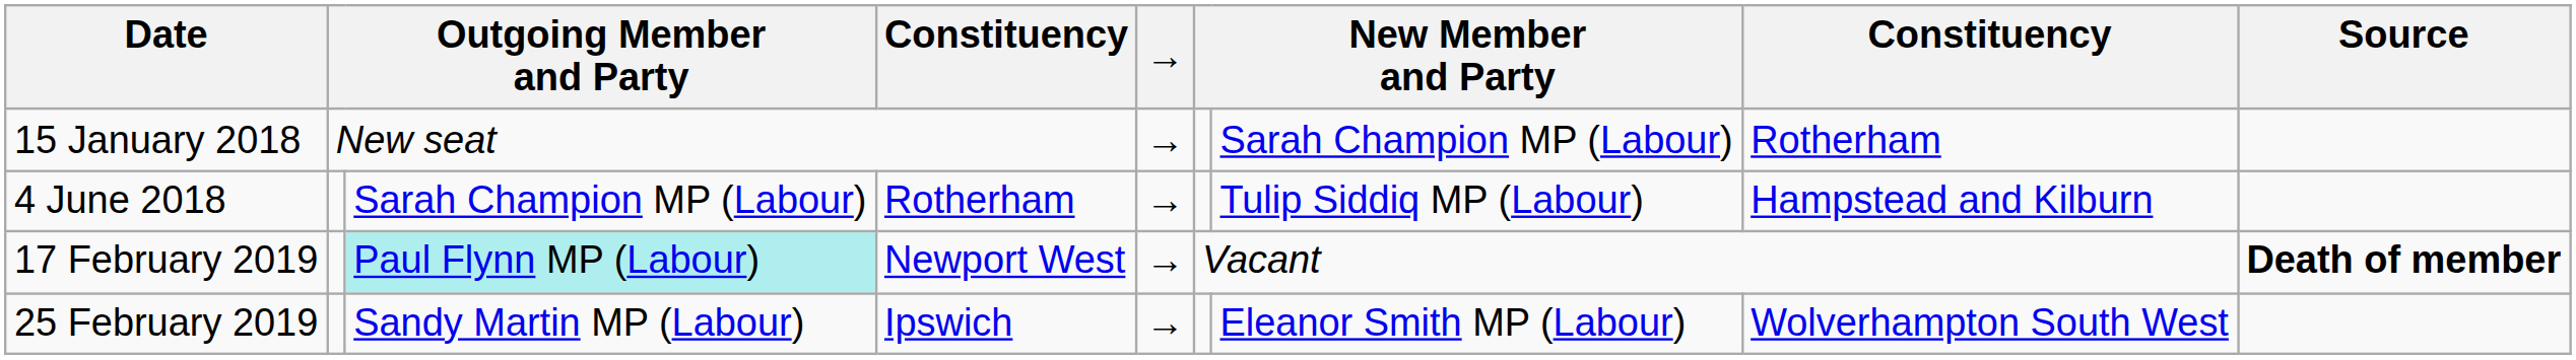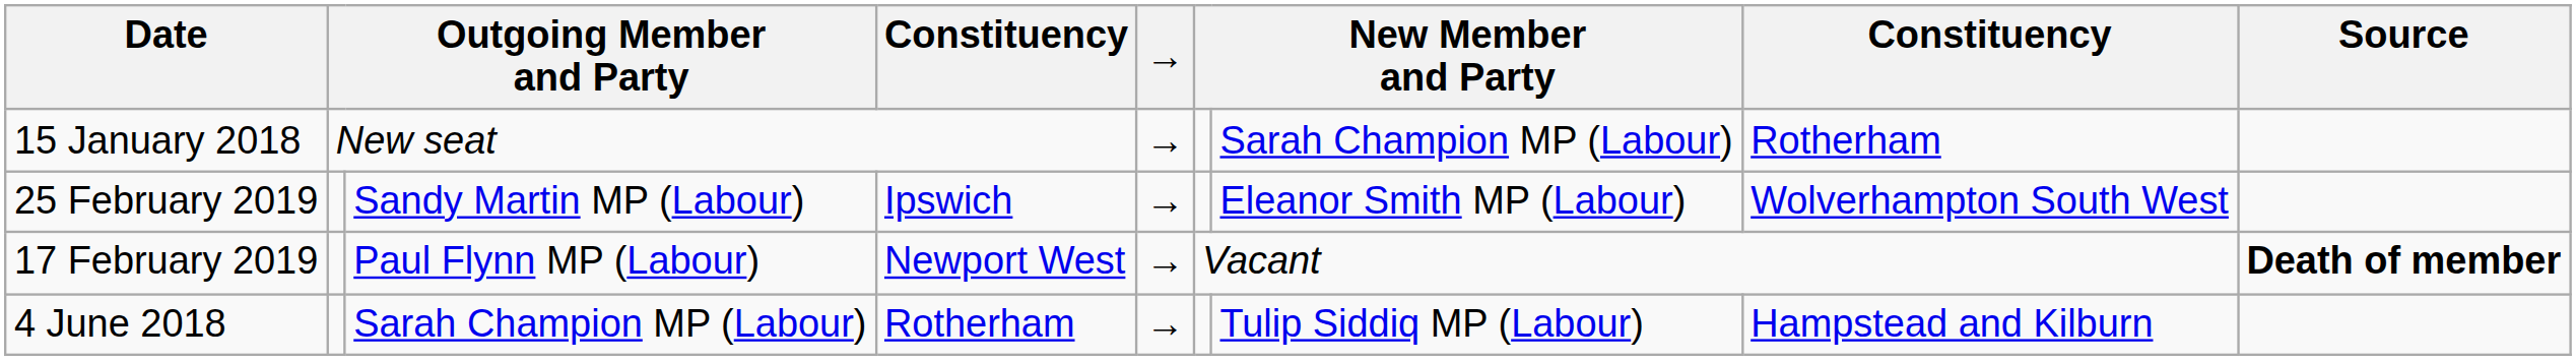 <table class="wikitable">
 <tr>
 <th valign="top">Date</th>
 <th colspan="2" valign="top">Outgoing Member<br>and Party</th>
 <th valign="top">Constituency</th>
 <th>→</th>
 <th colspan="2" valign="top">New Member<br>and Party</th>
 <th valign="top">Constituency</th>
 <th valign="top">Source</th>
 </tr>
 <tr>
 <td>15 January 2018</td>
 <td colspan=3><em>New seat</em></td>
 <td>→</td>
 <td style="color:inherit;background:"></td>
 <td><a href='#'>Sarah Champion</a> MP (<a href='#'>Labour</a>)</td>
 <td><a href='#'>Rotherham</a></td>
 <td></td>
 </tr>
 <tr>
+<td>25 February 2019</td>
+<td style="color:inherit;background:"></td>
+<td><a href='#'>Sandy Martin</a> MP (<a href='#'>Labour</a>)</td>
+<td><a href='#'>Ipswich</a></td>
+<td>→</td>
+<td style="color:inherit;background:"></td>
+<td><a href='#'>Eleanor Smith</a> MP (<a href='#'>Labour</a>)</td>
+<td><a href='#'>Wolverhampton South West</a></td>
+<td></td>
+</tr>
+<tr>
+<td>17 February 2019</td>
+<td style="color:inherit;background:"></td>
+<td><a href='#'>Paul Flynn</a> MP (<a href='#'>Labour</a>)</td>
+<td><a href='#'>Newport West</a></td>
+<td>→</td>
+<td colspan=3><em>Vacant</em></td>
+<td><strong>Death of member</strong></td>
+</tr>
+<tr>
 <td>4 June 2018</td>
 <td style="color:inherit;background:"></td>
 <td><a href='#'>Sarah Champion</a> MP (<a href='#'>Labour</a>)</td>
 <td><a href='#'>Rotherham</a></td>
 <td>→</td>
 <td style="color:inherit;background:"></td>
 <td><a href='#'>Tulip Siddiq</a> MP (<a href='#'>Labour</a>)</td>
 <td><a href='#'>Hampstead and Kilburn</a></td>
 <td></td>
 </tr>
-<tr>
-<td>17 February 2019</td>
-<td style="color:inherit;background:"></td>
-<td style="background: paleturquoise;"><a href='#'>Paul Flynn</a> MP (<a href='#'>Labour</a>)</td>
-<td><a href='#'>Newport West</a></td>
-<td>→</td>
-<td colspan=3><em>Vacant</em></td>
-<td><strong>Death of member</strong></td>
-</tr>
-<tr>
-<td>25 February 2019</td>
-<td style="color:inherit;background:"></td>
-<td><a href='#'>Sandy Martin</a> MP (<a href='#'>Labour</a>)</td>
-<td><a href='#'>Ipswich</a></td>
-<td>→</td>
-<td style="color:inherit;background:"></td>
-<td><a href='#'>Eleanor Smith</a> MP (<a href='#'>Labour</a>)</td>
-<td><a href='#'>Wolverhampton South West</a></td>
-<td></td>
-</tr>
 </table>
